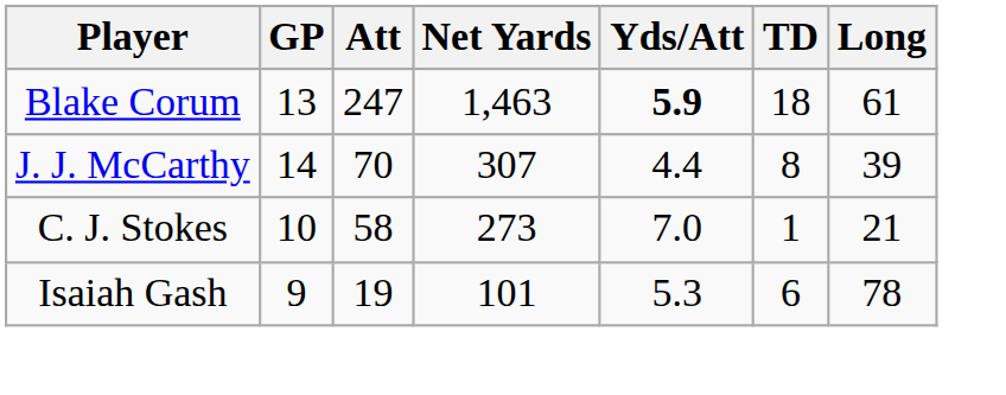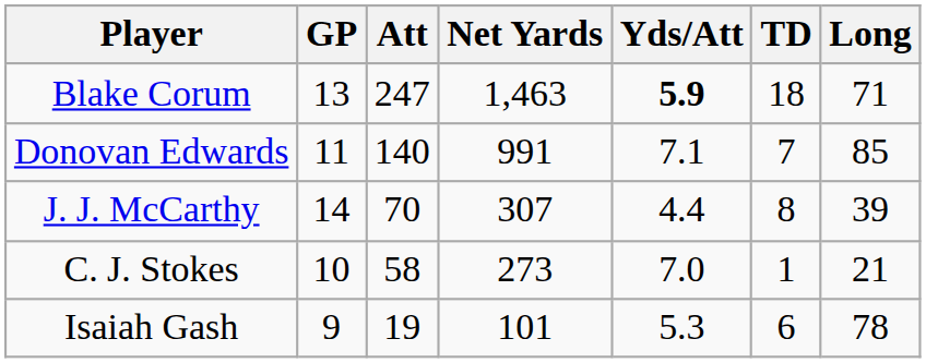 <table class="wikitable sortable sortable" style="text-align: center">
 <tr align=center>
 <th>Player</th>
 <th>GP</th>
 <th>Att</th>
 <th>Net Yards</th>
 <th>Yds/Att</th>
 <th>TD</th>
 <th>Long</th>
 </tr>
 <tr>
 <td><a href='#'>Blake Corum</a></td>
 <td>13</td>
 <td>247</td>
 <td>1,463</td>
 <td><strong>5.9</strong></td>
 <td>18</td>
-<td>61</td>
+<td>71</td>
+</tr>
+<tr>
+<td><a href='#'>Donovan Edwards</a></td>
+<td>11</td>
+<td>140</td>
+<td>991</td>
+<td>7.1</td>
+<td>7</td>
+<td>85</td>
 </tr>
 <tr>
 <td><a href='#'>J. J. McCarthy</a></td>
 <td>14</td>
 <td>70</td>
 <td>307</td>
 <td>4.4</td>
 <td>8</td>
 <td>39</td>
 </tr>
 <tr>
 <td>C. J. Stokes</td>
 <td>10</td>
 <td>58</td>
 <td>273</td>
 <td>7.0</td>
 <td>1</td>
 <td>21</td>
 </tr>
 <tr>
 <td>Isaiah Gash</td>
 <td>9</td>
 <td>19</td>
 <td>101</td>
 <td>5.3</td>
 <td>6</td>
 <td>78</td>
 </tr>
 </table>
